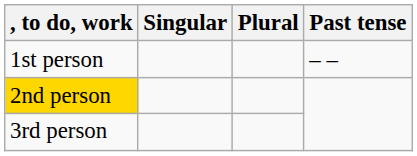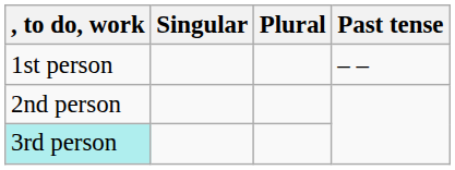 <table class="wikitable">
 <tr>
 <th>, to do, work</th>
 <th>Singular</th>
 <th>Plural</th>
 <th>Past tense</th>
 </tr>
 <tr>
 <td>1st person</td>
 <td></td>
 <td></td>
 <td> –  – </td>
 </tr>
 <tr>
-<td style="background: gold;">2nd person</td>
+<td>2nd person</td>
 <td></td>
 <td></td>
 </tr>
 <tr>
-<td>3rd person</td>
+<td style="background: paleturquoise;">3rd person</td>
 <td></td>
 <td></td>
 </tr>
 </table>
